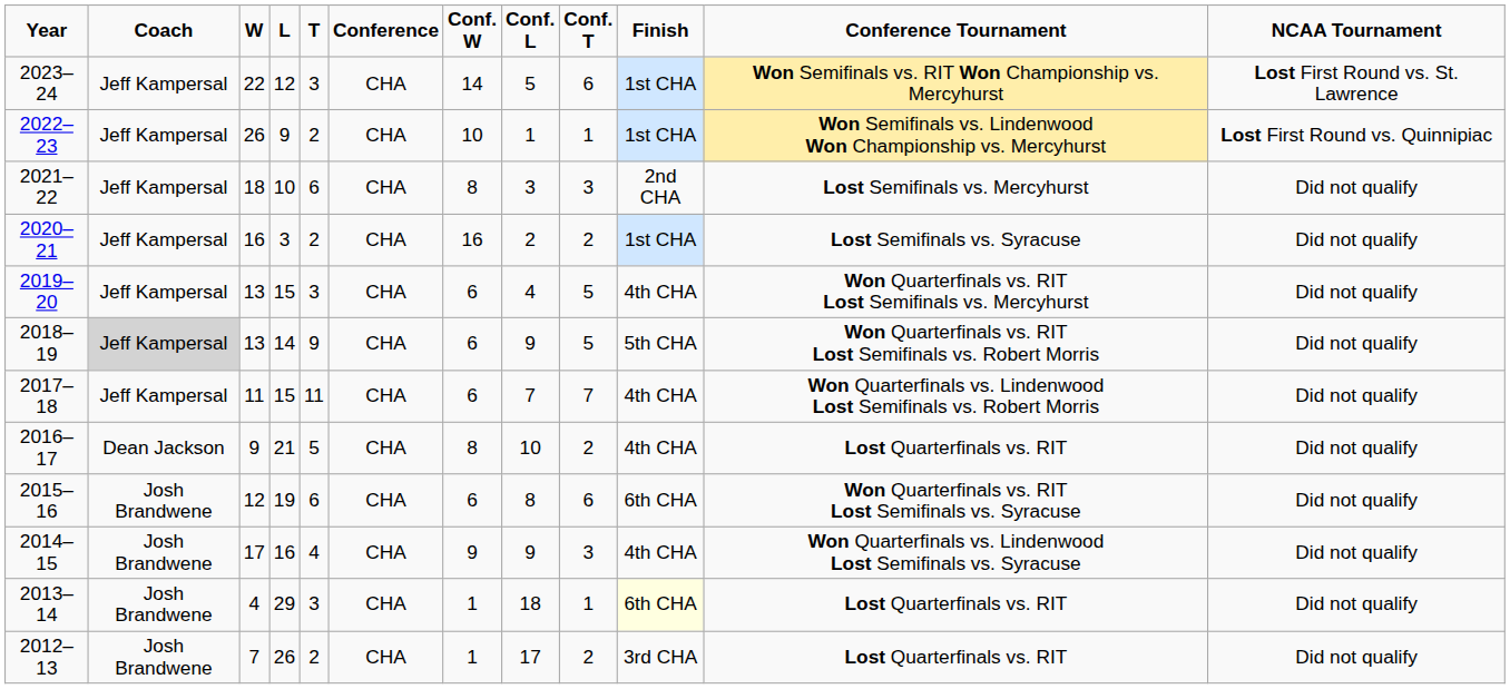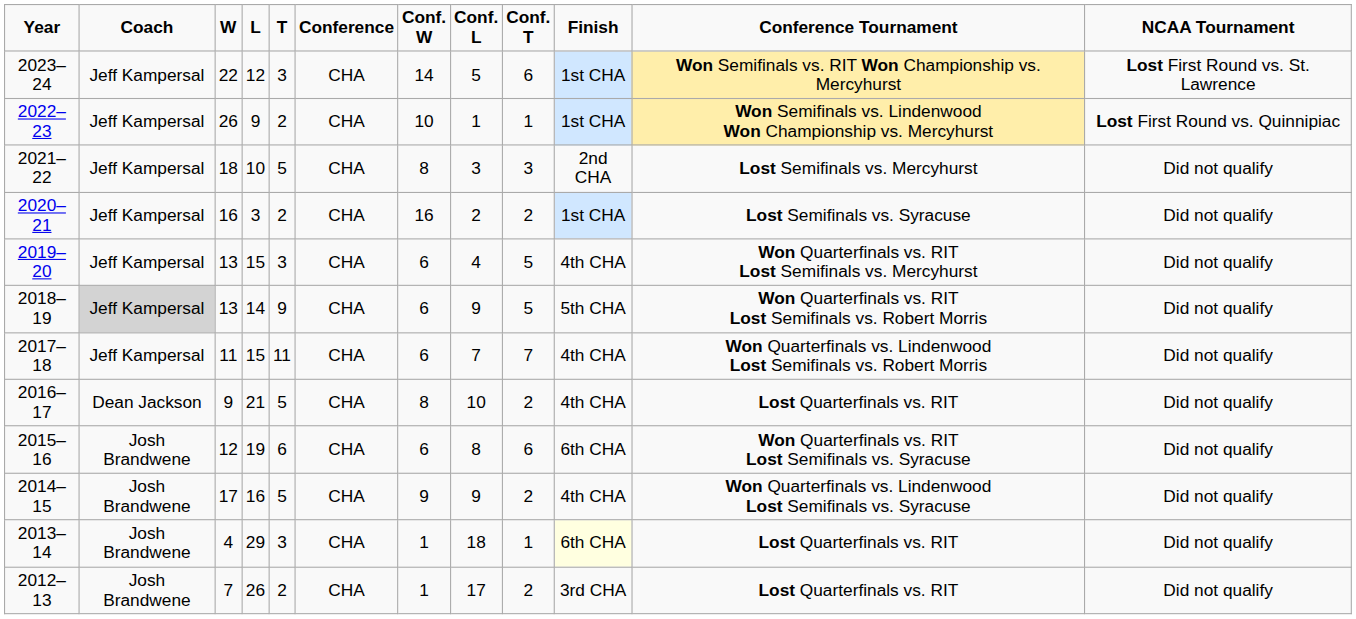 <table class="wikitable" style="text-align:center;">
 <tr>
 <td><strong>Year</strong></td>
 <td><strong>Coach</strong></td>
 <td><strong>W</strong></td>
 <td><strong>L</strong></td>
 <td><strong>T</strong></td>
 <td><strong>Conference</strong></td>
 <td><strong>Conf. <br> W</strong></td>
 <td><strong>Conf. <br> L</strong></td>
 <td><strong>Conf. <br> T</strong></td>
 <td><strong>Finish</strong></td>
 <td><strong>Conference Tournament</strong></td>
 <td><strong>NCAA Tournament</strong></td>
 </tr>
 <tr>
 <td>2023–24</td>
 <td>Jeff Kampersal</td>
 <td>22</td>
 <td>12</td>
 <td>3</td>
 <td>CHA</td>
 <td>14</td>
 <td>5</td>
 <td>6</td>
 <td style="background: #d0e7ff;">1st CHA</td>
 <td style="background: #ffeeaa;"><strong>Won</strong> Semifinals vs. RIT <strong>Won</strong> Championship vs. Mercyhurst </td>
 <td><strong>Lost</strong> First Round vs. St. Lawrence </td>
 </tr>
 <tr>
 <td><a href='#'>2022–23</a></td>
 <td>Jeff Kampersal</td>
 <td>26</td>
 <td>9</td>
 <td>2</td>
 <td>CHA</td>
 <td>10</td>
 <td>1</td>
 <td>1</td>
 <td style="background: #d0e7ff;">1st CHA</td>
 <td style="background: #ffeeaa;"><strong>Won</strong> Semifinals vs. Lindenwood  <br><strong>Won</strong> Championship vs. Mercyhurst </td>
 <td><strong>Lost</strong> First Round vs. Quinnipiac </td>
 </tr>
 <tr>
 <td>2021–22</td>
 <td>Jeff Kampersal</td>
 <td>18</td>
 <td>10</td>
-<td>6</td>
+<td>5</td>
 <td>CHA</td>
 <td>8</td>
 <td>3</td>
 <td>3</td>
 <td>2nd CHA</td>
 <td><strong>Lost</strong> Semifinals vs. Mercyhurst </td>
 <td>Did not qualify</td>
 </tr>
 <tr>
 <td><a href='#'>2020–21</a></td>
 <td>Jeff Kampersal</td>
 <td>16</td>
 <td>3</td>
 <td>2</td>
 <td>CHA</td>
 <td>16</td>
 <td>2</td>
 <td>2</td>
 <td style="background: #d0e7ff;">1st CHA</td>
 <td><strong>Lost</strong> Semifinals vs. Syracuse </td>
 <td>Did not qualify</td>
 </tr>
 <tr>
 <td><a href='#'>2019–20</a></td>
 <td>Jeff Kampersal</td>
 <td>13</td>
 <td>15</td>
 <td>3</td>
 <td>CHA</td>
 <td>6</td>
 <td>4</td>
 <td>5</td>
 <td>4th CHA</td>
 <td><strong>Won</strong> Quarterfinals vs. RIT  <br> <strong>Lost</strong> Semifinals vs. Mercyhurst </td>
 <td>Did not qualify</td>
 </tr>
 <tr>
 <td>2018–19</td>
 <td style="background: lightgrey;">Jeff Kampersal</td>
 <td>13</td>
 <td>14</td>
 <td>9</td>
 <td>CHA</td>
 <td>6</td>
 <td>9</td>
 <td>5</td>
 <td>5th CHA</td>
 <td><strong>Won</strong> Quarterfinals vs. RIT  <br> <strong>Lost</strong> Semifinals vs. Robert Morris </td>
 <td>Did not qualify</td>
 </tr>
 <tr>
 <td>2017–18</td>
 <td>Jeff Kampersal</td>
 <td>11</td>
 <td>15</td>
 <td>11</td>
 <td>CHA</td>
 <td>6</td>
 <td>7</td>
 <td>7</td>
 <td>4th CHA</td>
 <td><strong>Won</strong> Quarterfinals vs. Lindenwood  <br> <strong>Lost</strong> Semifinals vs. Robert Morris </td>
 <td>Did not qualify</td>
 </tr>
 <tr>
 <td>2016–17</td>
 <td>Dean Jackson</td>
 <td>9</td>
 <td>21</td>
 <td>5</td>
 <td>CHA</td>
 <td>8</td>
 <td>10</td>
 <td>2</td>
 <td>4th CHA</td>
 <td><strong>Lost</strong> Quarterfinals vs. RIT </td>
 <td>Did not qualify</td>
 </tr>
 <tr>
 <td>2015–16</td>
 <td>Josh Brandwene</td>
 <td>12</td>
 <td>19</td>
 <td>6</td>
 <td>CHA</td>
 <td>6</td>
 <td>8</td>
 <td>6</td>
 <td>6th CHA</td>
 <td><strong>Won</strong> Quarterfinals vs. RIT  <br> <strong>Lost</strong> Semifinals vs. Syracuse </td>
 <td>Did not qualify</td>
 </tr>
 <tr>
 <td>2014–15</td>
 <td>Josh Brandwene</td>
 <td>17</td>
 <td>16</td>
-<td>4</td>
+<td>5</td>
 <td>CHA</td>
 <td>9</td>
 <td>9</td>
-<td>3</td>
+<td>2</td>
 <td>4th CHA</td>
 <td><strong>Won</strong> Quarterfinals vs. Lindenwood  <br> <strong>Lost</strong> Semifinals vs. Syracuse </td>
 <td>Did not qualify</td>
 </tr>
 <tr>
 <td>2013–14</td>
 <td>Josh Brandwene</td>
 <td>4</td>
 <td>29</td>
 <td>3</td>
 <td>CHA</td>
 <td>1</td>
 <td>18</td>
 <td>1</td>
 <td style="background: lightyellow;">6th CHA</td>
 <td><strong>Lost</strong> Quarterfinals vs. RIT </td>
 <td>Did not qualify</td>
 </tr>
 <tr>
 <td>2012–13</td>
 <td>Josh Brandwene</td>
 <td>7</td>
 <td>26</td>
 <td>2</td>
 <td>CHA</td>
 <td>1</td>
 <td>17</td>
 <td>2</td>
 <td>3rd CHA</td>
 <td><strong>Lost</strong> Quarterfinals vs. RIT </td>
 <td>Did not qualify</td>
 </tr>
 </table>
